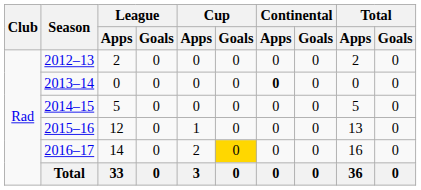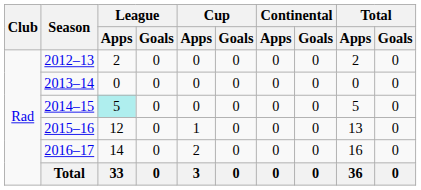 <table class="wikitable" style="text-align:center">
 <tr>
 <th rowspan="2">Club</th>
 <th rowspan="2">Season</th>
 <th colspan="2">League</th>
 <th colspan="2">Cup</th>
 <th colspan="2">Continental</th>
 <th colspan="2">Total</th>
 </tr>
 <tr>
 <th>Apps</th>
 <th>Goals</th>
 <th>Apps</th>
 <th>Goals</th>
 <th>Apps</th>
 <th>Goals</th>
 <th>Apps</th>
 <th>Goals</th>
 </tr>
 <tr>
 <td rowspan="6"><a href='#'>Rad</a></td>
 <td><a href='#'>2012–13</a></td>
 <td>2</td>
 <td>0</td>
 <td>0</td>
 <td>0</td>
 <td>0</td>
 <td>0</td>
 <td>2</td>
 <td>0</td>
 </tr>
 <tr>
 <td><a href='#'>2013–14</a></td>
 <td>0</td>
 <td>0</td>
 <td>0</td>
 <td>0</td>
-<td><strong>0</strong></td>
+<td>0</td>
 <td>0</td>
 <td>0</td>
 <td>0</td>
 </tr>
 <tr>
 <td><a href='#'>2014–15</a></td>
-<td>5</td>
+<td style="background: paleturquoise;">5</td>
 <td>0</td>
 <td>0</td>
 <td>0</td>
 <td>0</td>
 <td>0</td>
 <td>5</td>
 <td>0</td>
 </tr>
 <tr>
 <td><a href='#'>2015–16</a></td>
 <td>12</td>
 <td>0</td>
 <td>1</td>
 <td>0</td>
 <td>0</td>
 <td>0</td>
 <td>13</td>
 <td>0</td>
 </tr>
 <tr>
 <td><a href='#'>2016–17</a></td>
 <td>14</td>
 <td>0</td>
 <td>2</td>
-<td style="background: gold;">0</td>
+<td>0</td>
 <td>0</td>
 <td>0</td>
 <td>16</td>
 <td>0</td>
 </tr>
 <tr>
 <th>Total</th>
 <th>33</th>
 <th>0</th>
 <th>3</th>
 <th>0</th>
 <th>0</th>
 <th>0</th>
 <th>36</th>
 <th>0</th>
 </tr>
 </table>
